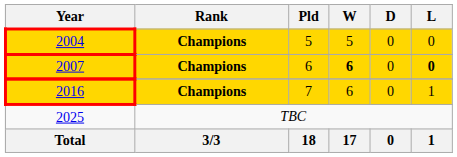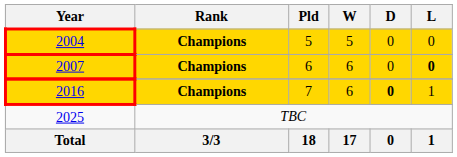 <table class="wikitable" style="text-align: center;font-size:90%;">
 <tr>
 <th width=125>Year</th>
 <th width=150>Rank</th>
 <th width=35>Pld</th>
 <th width=35>W</th>
 <th width=35>D</th>
 <th width=35>L</th>
 </tr>
 <tr bgcolor=gold>
 <td style="border: 3px solid red"> <a href='#'>2004</a></td>
 <td><strong>Champions</strong></td>
 <td>5</td>
 <td>5</td>
 <td>0</td>
 <td>0</td>
 </tr>
 <tr>
 </tr>
 <tr bgcolor=gold>
 <td style="border: 3px solid red"> <a href='#'>2007</a></td>
 <td><strong>Champions</strong></td>
 <td>6</td>
-<td><strong>6</strong></td>
+<td>6</td>
 <td>0</td>
 <td><strong>0</strong></td>
 </tr>
 <tr>
 </tr>
 <tr bgcolor=gold>
 <td style="border: 3px solid red"> <a href='#'>2016</a></td>
 <td><strong>Champions</strong></td>
 <td>7</td>
 <td>6</td>
-<td>0</td>
+<td><strong>0</strong></td>
 <td>1</td>
 </tr>
 <tr>
 <td> <a href='#'>2025</a></td>
 <td colspan=5><em>TBC</em></td>
 </tr>
 <tr>
 <th>Total</th>
 <th>3/3</th>
 <th>18</th>
 <th>17</th>
 <th>0</th>
 <th>1</th>
 </tr>
 </table>
